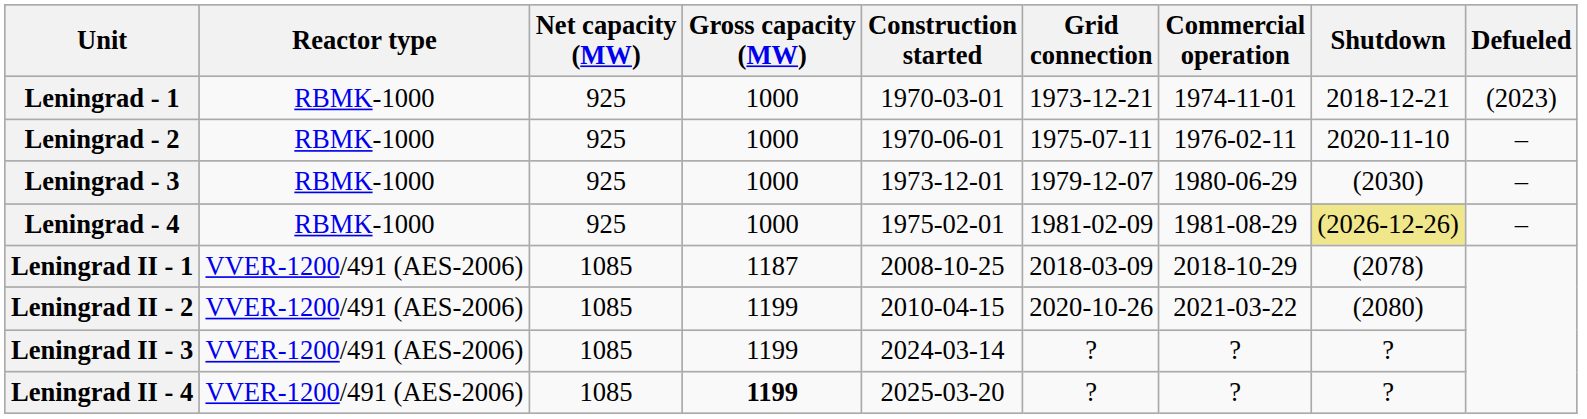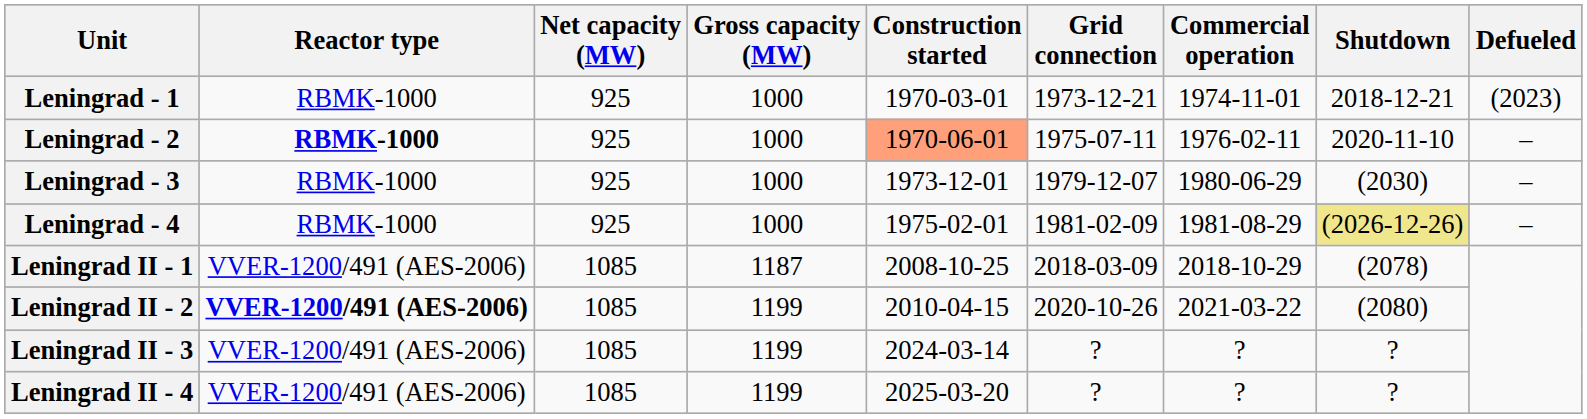 <table class="wikitable" style="text-align:center">
 <tr>
 <th>Unit</th>
 <th>Reactor type</th>
 <th>Net capacity<br>(<a href='#'>MW</a>)</th>
 <th>Gross capacity<br>(<a href='#'>MW</a>)</th>
 <th>Construction<br>started</th>
 <th>Grid<br>connection</th>
 <th>Commercial<br>operation</th>
 <th>Shutdown</th>
 <th>De­fuel­ed</th>
 </tr>
 <tr>
 <th>Leningrad - 1</th>
 <td><a href='#'>RBMK</a>-1000</td>
 <td>925</td>
 <td>1000</td>
 <td>1970-03-01</td>
 <td>1973-12-21</td>
 <td>1974-11-01</td>
 <td>2018-12-21</td>
 <td>(2023)</td>
 </tr>
 <tr>
 <th>Leningrad - 2</th>
-<td><a href='#'>RBMK</a>-1000</td>
+<td><strong><a href='#'>RBMK</a>-1000</strong></td>
 <td>925</td>
 <td>1000</td>
-<td>1970-06-01</td>
+<td style="background: lightsalmon;">1970-06-01</td>
 <td>1975-07-11</td>
 <td>1976-02-11</td>
 <td>2020-11-10</td>
 <td>–</td>
 </tr>
 <tr>
 <th>Leningrad - 3</th>
 <td><a href='#'>RBMK</a>-1000</td>
 <td>925</td>
 <td>1000</td>
 <td>1973-12-01</td>
 <td>1979-12-07</td>
 <td>1980-06-29</td>
 <td>(2030)</td>
 <td>–</td>
 </tr>
 <tr>
 <th>Leningrad - 4</th>
 <td><a href='#'>RBMK</a>-1000</td>
 <td>925</td>
 <td>1000</td>
 <td>1975-02-01</td>
 <td>1981-02-09</td>
 <td>1981-08-29</td>
 <td style="background: khaki;">(2026-12-26)</td>
 <td>–</td>
 </tr>
 <tr style="white-space:nowrap">
 <th>Leningrad II - 1</th>
 <td><a href='#'>VVER-1200</a>/491 (AES-2006)</td>
 <td>1085</td>
 <td>1187</td>
 <td>2008-10-25</td>
 <td>2018-03-09</td>
 <td>2018-10-29</td>
 <td>(2078)</td>
 </tr>
 <tr>
 <th>Leningrad II - 2</th>
-<td><a href='#'>VVER-1200</a>/491 (AES-2006)</td>
+<td><strong><a href='#'>VVER-1200</a>/491 (AES-2006)</strong></td>
 <td>1085</td>
 <td>1199</td>
 <td>2010-04-15</td>
 <td>2020-10-26</td>
 <td>2021-03-22</td>
 <td>(2080)</td>
 </tr>
 <tr>
 <th>Leningrad II - 3</th>
 <td><a href='#'>VVER-1200</a>/491 (AES-2006)</td>
 <td>1085</td>
 <td>1199</td>
 <td>2024-03-14</td>
 <td>?</td>
 <td>?</td>
 <td>?</td>
 </tr>
 <tr>
 <th>Leningrad II - 4</th>
 <td><a href='#'>VVER-1200</a>/491 (AES-2006)</td>
 <td>1085</td>
-<td><strong>1199</strong></td>
+<td>1199</td>
 <td>2025-03-20</td>
 <td>?</td>
 <td>?</td>
 <td>?</td>
 </tr>
 </table>
